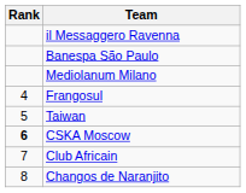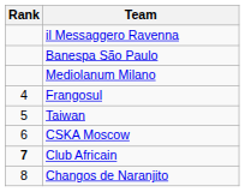 <table class="wikitable" style="text-align:center;">
 <tr>
 <th width=40>Rank</th>
 <th width=240>Team</th>
 </tr>
 <tr>
 <td></td>
 <td style="text-align:left;"> <a href='#'>il Messaggero Ravenna</a></td>
 </tr>
 <tr>
 <td></td>
 <td style="text-align:left;"> <a href='#'>Banespa São Paulo</a></td>
 </tr>
 <tr>
 <td></td>
 <td style="text-align:left;"> <a href='#'>Mediolanum Milano</a></td>
 </tr>
 <tr>
 <td>4</td>
 <td style="text-align:left;"> <a href='#'>Frangosul</a></td>
 </tr>
 <tr>
 <td>5</td>
 <td style="text-align:left;"> <a href='#'>Taiwan</a></td>
 </tr>
 <tr>
-<td><strong>6</strong></td>
+<td>6</td>
 <td style="text-align:left;"> <a href='#'>CSKA Moscow</a></td>
 </tr>
 <tr>
-<td>7</td>
+<td><strong>7</strong></td>
 <td style="text-align:left;"> <a href='#'>Club Africain</a></td>
 </tr>
 <tr>
 <td>8</td>
 <td style="text-align:left;"> <a href='#'>Changos de Naranjito</a></td>
 </tr>
 </table>
